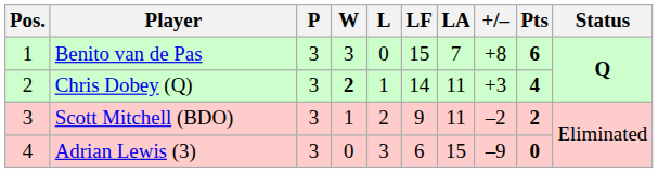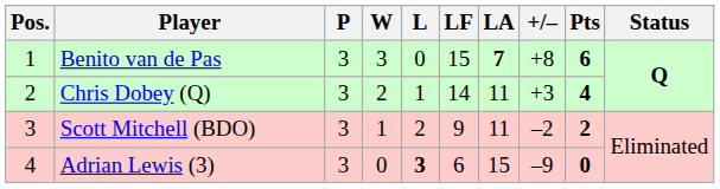 <table class="wikitable" style="text-align:center; margin: 1em auto 1em auto, align:left">
 <tr>
 <th width=20>Pos.</th>
 <th width=185>Player</th>
 <th width=20>P</th>
 <th width=20>W</th>
 <th width=20>L</th>
 <th width=20>LF</th>
 <th width=20>LA</th>
 <th width=25>+/–</th>
 <th width=20>Pts</th>
 <th width=70>Status</th>
 </tr>
 <tr style="background:#CCFFCC;">
 <td>1</td>
 <td align=left> <a href='#'>Benito van de Pas</a></td>
 <td>3</td>
 <td>3</td>
 <td>0</td>
 <td>15</td>
-<td>7</td>
+<td><strong>7</strong></td>
 <td>+8</td>
 <td><strong>6</strong></td>
 <td rowspan = 2><strong>Q</strong></td>
 </tr>
 <tr style="background:#CCFFCC;">
 <td>2</td>
 <td align=left> <a href='#'>Chris Dobey</a> (Q)</td>
 <td>3</td>
-<td><strong>2</strong></td>
+<td>2</td>
 <td>1</td>
 <td>14</td>
 <td>11</td>
 <td>+3</td>
 <td><strong>4</strong></td>
 </tr>
 <tr style="background:#FFCCCC;">
 <td>3</td>
 <td align=left> <a href='#'>Scott Mitchell</a> (BDO)</td>
 <td>3</td>
 <td>1</td>
 <td>2</td>
 <td>9</td>
 <td>11</td>
 <td>–2</td>
 <td><strong>2</strong></td>
 <td rowspan = 2>Eliminated</td>
 </tr>
 <tr style="background:#FFCCCC;">
 <td>4</td>
 <td align=left> <a href='#'>Adrian Lewis</a> (3)</td>
 <td>3</td>
 <td>0</td>
-<td>3</td>
+<td><strong>3</strong></td>
 <td>6</td>
 <td>15</td>
 <td>–9</td>
 <td><strong>0</strong></td>
 </tr>
 </table>
